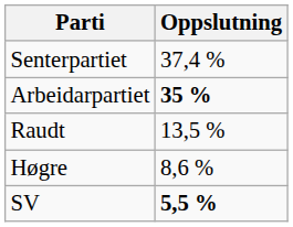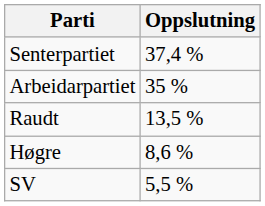 <table class="wikitable">
 <tr>
 <th>Parti</th>
 <th>Oppslutning</th>
 </tr>
 <tr>
 <td>Senterpartiet</td>
 <td>37,4 %</td>
 </tr>
 <tr>
 <td>Arbeidarpartiet</td>
-<td><strong>35 %</strong></td>
+<td>35 %</td>
 </tr>
 <tr>
 <td>Raudt</td>
 <td>13,5 %</td>
 </tr>
 <tr>
 <td>Høgre</td>
 <td>8,6 %</td>
 </tr>
 <tr>
 <td>SV</td>
-<td><strong>5,5 %</strong></td>
+<td>5,5 %</td>
 </tr>
 </table>
